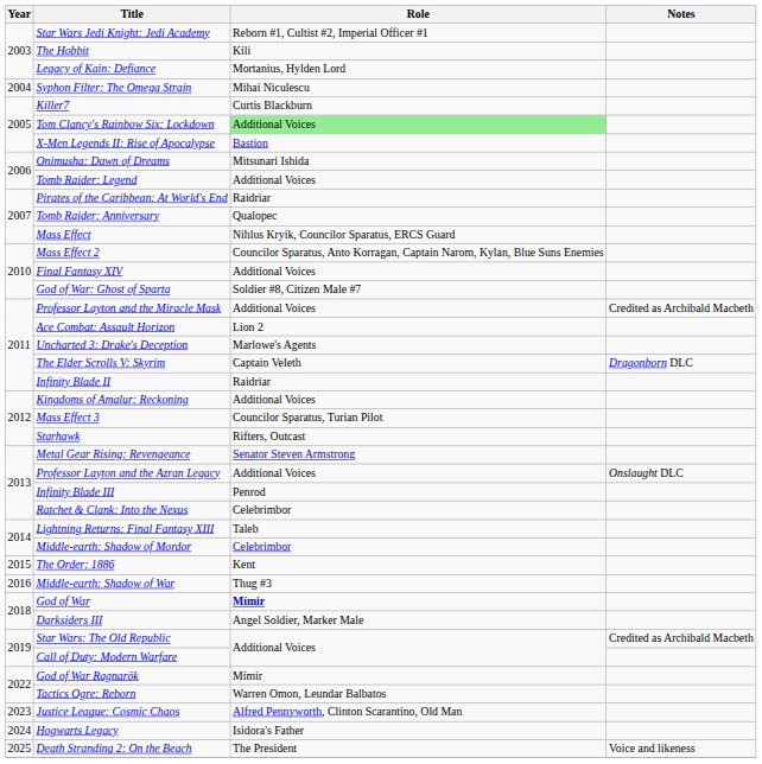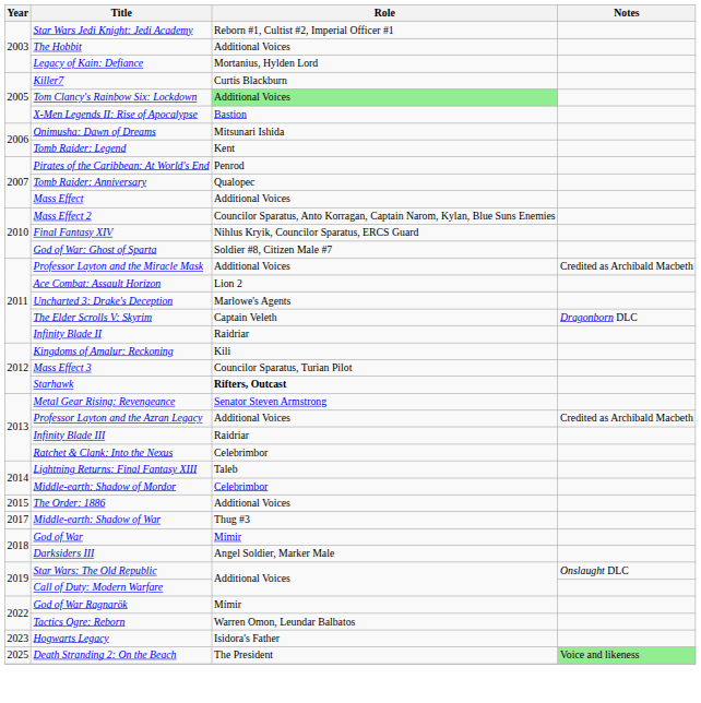 <table class="wikitable sortable">
 <tr>
 <th>Year</th>
 <th>Title</th>
 <th>Role</th>
 <th>Notes</th>
 </tr>
 <tr>
 <td rowspan="3">2003</td>
 <td><em><a href='#'>Star Wars Jedi Knight: Jedi Academy</a></em></td>
 <td>Reborn #1, Cultist #2, Imperial Officer #1</td>
 <td></td>
 </tr>
 <tr>
 <td><em><a href='#'>The Hobbit</a></em></td>
-<td>Kili</td>
+<td>Additional Voices</td>
 <td></td>
 </tr>
 <tr>
 <td><em><a href='#'>Legacy of Kain: Defiance</a></em></td>
 <td>Mortanius, Hylden Lord</td>
-<td></td>
-</tr>
-<tr>
-<td>2004</td>
-<td><em><a href='#'>Syphon Filter: The Omega Strain</a></em></td>
-<td>Mihai Niculescu</td>
 <td></td>
 </tr>
 <tr>
 <td rowspan="3">2005</td>
 <td><em><a href='#'>Killer7</a></em></td>
 <td>Curtis Blackburn</td>
 <td></td>
 </tr>
 <tr>
 <td><em><a href='#'>Tom Clancy's Rainbow Six: Lockdown</a></em></td>
 <td style="background: lightgreen;">Additional Voices</td>
 <td></td>
 </tr>
 <tr>
 <td><em><a href='#'>X-Men Legends II: Rise of Apocalypse</a></em></td>
 <td><a href='#'>Bastion</a></td>
 <td></td>
 </tr>
 <tr>
 <td rowspan="2">2006</td>
 <td><em><a href='#'>Onimusha: Dawn of Dreams</a></em></td>
 <td>Mitsunari Ishida</td>
 <td></td>
 </tr>
 <tr>
 <td><em><a href='#'>Tomb Raider: Legend</a></em></td>
-<td>Additional Voices</td>
+<td>Kent</td>
 <td></td>
 </tr>
 <tr>
 <td rowspan="3">2007</td>
 <td><em><a href='#'>Pirates of the Caribbean: At World's End</a></em></td>
-<td>Raidriar</td>
+<td>Penrod</td>
 <td></td>
 </tr>
 <tr>
 <td><em><a href='#'>Tomb Raider: Anniversary</a></em></td>
 <td>Qualopec</td>
 <td></td>
 </tr>
 <tr>
 <td><em><a href='#'>Mass Effect</a></em></td>
-<td>Nihlus Kryik, Councilor Sparatus, ERCS Guard</td>
+<td>Additional Voices</td>
 <td></td>
 </tr>
 <tr>
 <td rowspan="3">2010</td>
 <td><em><a href='#'>Mass Effect 2</a></em></td>
 <td>Councilor Sparatus, Anto Korragan, Captain Narom, Kylan, Blue Suns Enemies</td>
 <td></td>
 </tr>
 <tr>
 <td><em><a href='#'>Final Fantasy XIV</a></em></td>
-<td>Additional Voices</td>
+<td>Nihlus Kryik, Councilor Sparatus, ERCS Guard</td>
 <td></td>
 </tr>
 <tr>
 <td><em><a href='#'>God of War: Ghost of Sparta</a></em></td>
 <td>Soldier #8, Citizen Male #7</td>
 <td></td>
 </tr>
 <tr>
 <td rowspan="5">2011</td>
 <td><em><a href='#'>Professor Layton and the Miracle Mask</a></em></td>
 <td>Additional Voices</td>
 <td>Credited as Archibald Macbeth</td>
 </tr>
 <tr>
 <td><em><a href='#'>Ace Combat: Assault Horizon</a></em></td>
 <td>Lion 2</td>
 <td></td>
 </tr>
 <tr>
 <td><em><a href='#'>Uncharted 3: Drake's Deception</a></em></td>
 <td>Marlowe's Agents</td>
 <td></td>
 </tr>
 <tr>
 <td><em><a href='#'>The Elder Scrolls V: Skyrim</a></em></td>
 <td>Captain Veleth</td>
 <td><em><a href='#'>Dragonborn</a></em> DLC</td>
 </tr>
 <tr>
 <td><em><a href='#'>Infinity Blade II</a></em></td>
 <td>Raidriar</td>
 <td></td>
 </tr>
 <tr>
 <td rowspan="3">2012</td>
 <td><em><a href='#'>Kingdoms of Amalur: Reckoning</a></em></td>
-<td>Additional Voices</td>
+<td>Kili</td>
 <td></td>
 </tr>
 <tr>
 <td><em><a href='#'>Mass Effect 3</a></em></td>
 <td>Councilor Sparatus, Turian Pilot</td>
 <td></td>
 </tr>
 <tr>
 <td><em><a href='#'>Starhawk</a></em></td>
-<td>Rifters, Outcast</td>
+<td><strong>Rifters, Outcast</strong></td>
 <td></td>
 </tr>
 <tr>
 <td rowspan="4">2013</td>
 <td><em><a href='#'>Metal Gear Rising: Revengeance</a></em></td>
 <td><a href='#'>Senator Steven Armstrong</a></td>
 <td></td>
 </tr>
 <tr>
 <td><em><a href='#'>Professor Layton and the Azran Legacy</a></em></td>
 <td>Additional Voices</td>
-<td><em>Onslaught</em> DLC</td>
+<td>Credited as Archibald Macbeth</td>
 </tr>
 <tr>
 <td><em><a href='#'>Infinity Blade III</a></em></td>
-<td>Penrod</td>
+<td>Raidriar</td>
 <td></td>
 </tr>
 <tr>
 <td><em><a href='#'>Ratchet & Clank: Into the Nexus</a></em></td>
 <td>Celebrimbor</td>
 <td></td>
 </tr>
 <tr>
 <td rowspan="2">2014</td>
 <td><em><a href='#'>Lightning Returns: Final Fantasy XIII</a></em></td>
 <td>Taleb</td>
 <td></td>
 </tr>
 <tr>
 <td><em><a href='#'>Middle-earth: Shadow of Mordor</a></em></td>
 <td><a href='#'>Celebrimbor</a></td>
 <td></td>
 </tr>
 <tr>
 <td>2015</td>
 <td><em><a href='#'>The Order: 1886</a></em></td>
-<td>Kent</td>
+<td>Additional Voices</td>
 <td></td>
 </tr>
 <tr>
-<td>2016</td>
+<td>2017</td>
 <td><em><a href='#'>Middle-earth: Shadow of War</a></em></td>
 <td>Thug #3</td>
 <td></td>
 </tr>
 <tr>
 <td rowspan="2">2018</td>
 <td><em><a href='#'>God of War</a></em></td>
-<td><strong><a href='#'>Mímir</a></strong></td>
+<td><a href='#'>Mímir</a></td>
 <td></td>
 </tr>
 <tr>
 <td><em><a href='#'>Darksiders III</a></em></td>
 <td>Angel Soldier, Marker Male</td>
 <td></td>
 </tr>
 <tr>
 <td rowspan="2">2019</td>
 <td><em><a href='#'>Star Wars: The Old Republic</a></em></td>
 <td rowspan="2">Additional Voices</td>
-<td>Credited as Archibald Macbeth</td>
+<td><em>Onslaught</em> DLC</td>
 </tr>
 <tr>
 <td><em><a href='#'>Call of Duty: Modern Warfare</a></em></td>
 </tr>
 <tr>
 <td rowspan="2">2022</td>
 <td><em><a href='#'>God of War Ragnarök</a></em></td>
 <td>Mímir</td>
 <td></td>
 </tr>
 <tr>
 <td><em><a href='#'>Tactics Ogre: Reborn</a></em></td>
 <td>Warren Omon, Leundar Balbatos</td>
 <td></td>
 </tr>
 <tr>
 <td>2023</td>
-<td><em><a href='#'>Justice League: Cosmic Chaos</a></em></td>
-<td><a href='#'>Alfred Pennyworth</a>, Clinton Scarantino, Old Man</td>
-<td></td>
-</tr>
-<tr>
-<td>2024</td>
 <td><em><a href='#'>Hogwarts Legacy</a></em></td>
 <td>Isidora's Father</td>
 <td></td>
 </tr>
 <tr>
 <td>2025</td>
 <td><em><a href='#'>Death Stranding 2: On the Beach</a></em></td>
 <td>The President</td>
-<td>Voice and likeness</td>
+<td style="background: lightgreen;">Voice and likeness</td>
 </tr>
 <tr>
 </tr>
 </table>
